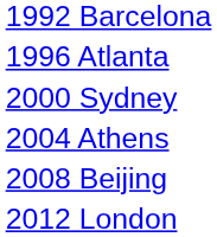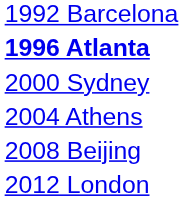 <table>
 <tr>
 <td><a href='#'>1992 Barcelona</a></td>
 <td></td>
 <td></td>
 <td></td>
 </tr>
 <tr>
-<td><a href='#'>1996 Atlanta</a></td>
+<td><strong><a href='#'>1996 Atlanta</a></strong></td>
 <td></td>
 <td></td>
 <td></td>
 </tr>
 <tr>
 <td><a href='#'>2000 Sydney</a></td>
 <td></td>
 <td></td>
 <td></td>
 </tr>
 <tr>
 <td><a href='#'>2004 Athens</a></td>
 <td></td>
 <td></td>
 <td></td>
 </tr>
 <tr>
 <td><a href='#'>2008 Beijing</a></td>
 <td></td>
 <td></td>
 <td></td>
 </tr>
 <tr>
 <td><a href='#'>2012 London</a></td>
 <td></td>
 <td></td>
 <td></td>
 </tr>
 </table>
